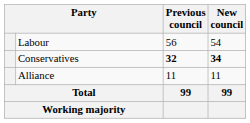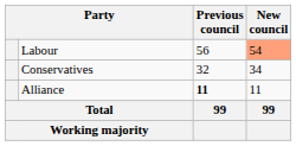 <table class="wikitable">
 <tr>
 <th valign=top colspan="2" style="width: 230px">Party</th>
 <th valign=top style="width: 30px">Previous council</th>
 <th valign=top style="width: 30px">New council</th>
 </tr>
 <tr>
 <th style="background-color: "></th>
 <td>Labour</td>
 <td>56</td>
-<td>54</td>
+<td style="background: lightsalmon;">54</td>
 </tr>
 <tr>
 <th style="background-color: "></th>
 <td>Conservatives</td>
-<td><strong>32</strong></td>
-<td><strong>34</strong></td>
+<td>32</td>
+<td>34</td>
 </tr>
 <tr>
 <th style="background-color: "></th>
 <td>Alliance</td>
-<td>11</td>
+<td><strong>11</strong></td>
 <td>11</td>
 </tr>
 <tr>
 <th colspan=2>Total</th>
 <th style="text-align: center">99</th>
 <th colspan=3>99</th>
 </tr>
 <tr>
 <th colspan=2>Working majority</th>
 <th></th>
 <th></th>
 </tr>
 </table>
